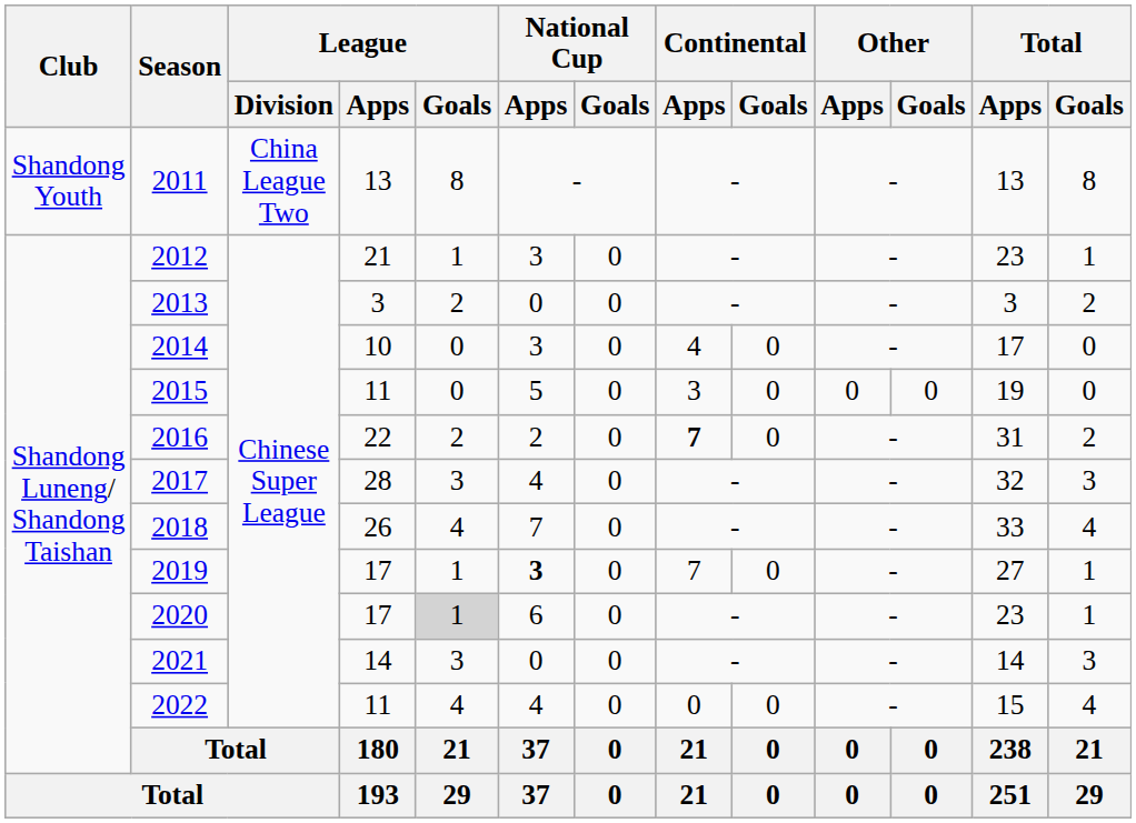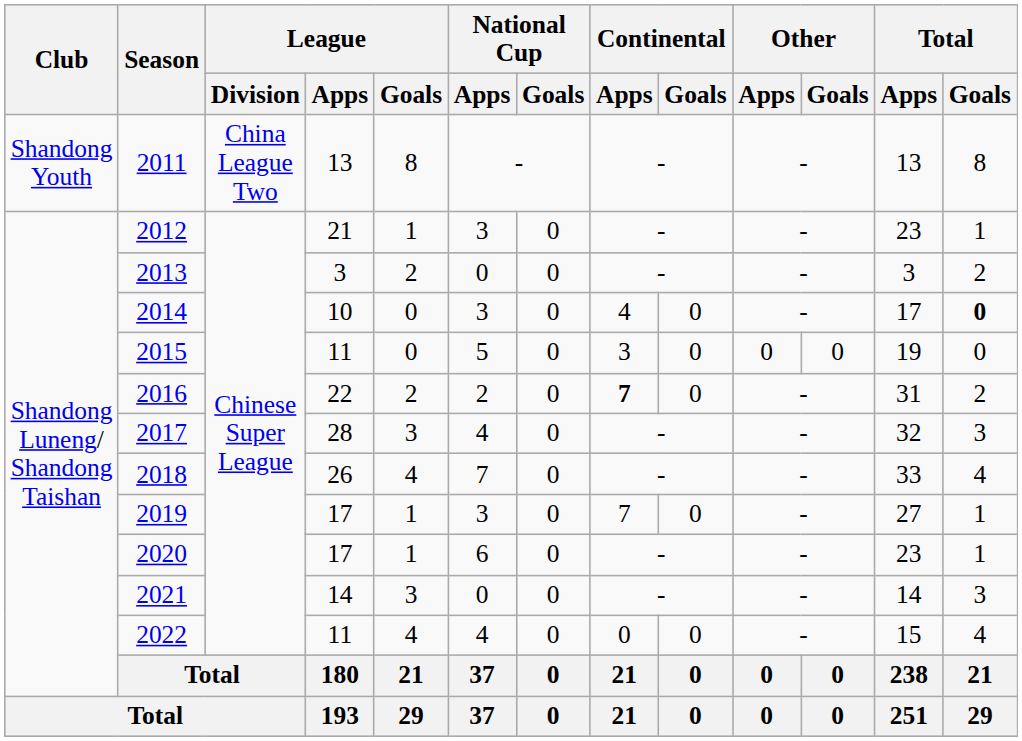 <table class="wikitable" style="text-align: center">
 <tr>
 <th rowspan="2">Club</th>
 <th rowspan="2">Season</th>
 <th colspan="3">League</th>
 <th colspan="2">National Cup</th>
 <th colspan="2">Continental</th>
 <th colspan="2">Other</th>
 <th colspan="2">Total</th>
 </tr>
 <tr>
 <th>Division</th>
 <th>Apps</th>
 <th>Goals</th>
 <th>Apps</th>
 <th>Goals</th>
 <th>Apps</th>
 <th>Goals</th>
 <th>Apps</th>
 <th>Goals</th>
 <th>Apps</th>
 <th>Goals</th>
 </tr>
 <tr>
 <td><a href='#'>Shandong Youth</a></td>
 <td><a href='#'>2011</a></td>
 <td><a href='#'>China League Two</a></td>
 <td>13</td>
 <td>8</td>
 <td colspan="2">-</td>
 <td colspan="2">-</td>
 <td colspan="2">-</td>
 <td>13</td>
 <td>8</td>
 </tr>
 <tr>
 <td rowspan=12><a href='#'>Shandong Luneng</a>/<br><a href='#'>Shandong Taishan</a></td>
 <td><a href='#'>2012</a></td>
 <td rowspan=11><a href='#'>Chinese Super League</a></td>
 <td>21</td>
 <td>1</td>
 <td>3</td>
 <td>0</td>
 <td colspan="2">-</td>
 <td colspan="2">-</td>
 <td>23</td>
 <td>1</td>
 </tr>
 <tr>
 <td><a href='#'>2013</a></td>
 <td>3</td>
 <td>2</td>
 <td>0</td>
 <td>0</td>
 <td colspan="2">-</td>
 <td colspan="2">-</td>
 <td>3</td>
 <td>2</td>
 </tr>
 <tr>
 <td><a href='#'>2014</a></td>
 <td>10</td>
 <td>0</td>
 <td>3</td>
 <td>0</td>
 <td>4</td>
 <td>0</td>
 <td colspan="2">-</td>
 <td>17</td>
-<td>0</td>
+<td><strong>0</strong></td>
 </tr>
 <tr>
 <td><a href='#'>2015</a></td>
 <td>11</td>
 <td>0</td>
 <td>5</td>
 <td>0</td>
 <td>3</td>
 <td>0</td>
 <td>0</td>
 <td>0</td>
 <td>19</td>
 <td>0</td>
 </tr>
 <tr>
 <td><a href='#'>2016</a></td>
 <td>22</td>
 <td>2</td>
 <td>2</td>
 <td>0</td>
 <td><strong>7</strong></td>
 <td>0</td>
 <td colspan="2">-</td>
 <td>31</td>
 <td>2</td>
 </tr>
 <tr>
 <td><a href='#'>2017</a></td>
 <td>28</td>
 <td>3</td>
 <td>4</td>
 <td>0</td>
 <td colspan="2">-</td>
 <td colspan="2">-</td>
 <td>32</td>
 <td>3</td>
 </tr>
 <tr>
 <td><a href='#'>2018</a></td>
 <td>26</td>
 <td>4</td>
 <td>7</td>
 <td>0</td>
 <td colspan="2">-</td>
 <td colspan="2">-</td>
 <td>33</td>
 <td>4</td>
 </tr>
 <tr>
 <td><a href='#'>2019</a></td>
 <td>17</td>
 <td>1</td>
-<td><strong>3</strong></td>
+<td>3</td>
 <td>0</td>
 <td>7</td>
 <td>0</td>
 <td colspan="2">-</td>
 <td>27</td>
 <td>1</td>
 </tr>
 <tr>
 <td><a href='#'>2020</a></td>
 <td>17</td>
-<td style="background: lightgrey;">1</td>
+<td>1</td>
 <td>6</td>
 <td>0</td>
 <td colspan="2">-</td>
 <td colspan="2">-</td>
 <td>23</td>
 <td>1</td>
 </tr>
 <tr>
 <td><a href='#'>2021</a></td>
 <td>14</td>
 <td>3</td>
 <td>0</td>
 <td>0</td>
 <td colspan="2">-</td>
 <td colspan="2">-</td>
 <td>14</td>
 <td>3</td>
 </tr>
 <tr>
 <td><a href='#'>2022</a></td>
 <td>11</td>
 <td>4</td>
 <td>4</td>
 <td>0</td>
 <td>0</td>
 <td>0</td>
 <td colspan="2">-</td>
 <td>15</td>
 <td>4</td>
 </tr>
 <tr>
 <th colspan=2>Total</th>
 <th>180</th>
 <th>21</th>
 <th>37</th>
 <th>0</th>
 <th>21</th>
 <th>0</th>
 <th>0</th>
 <th>0</th>
 <th>238</th>
 <th>21</th>
 </tr>
 <tr>
 <th colspan=3>Total</th>
 <th>193</th>
 <th>29</th>
 <th>37</th>
 <th>0</th>
 <th>21</th>
 <th>0</th>
 <th>0</th>
 <th>0</th>
 <th>251</th>
 <th>29</th>
 </tr>
 </table>
